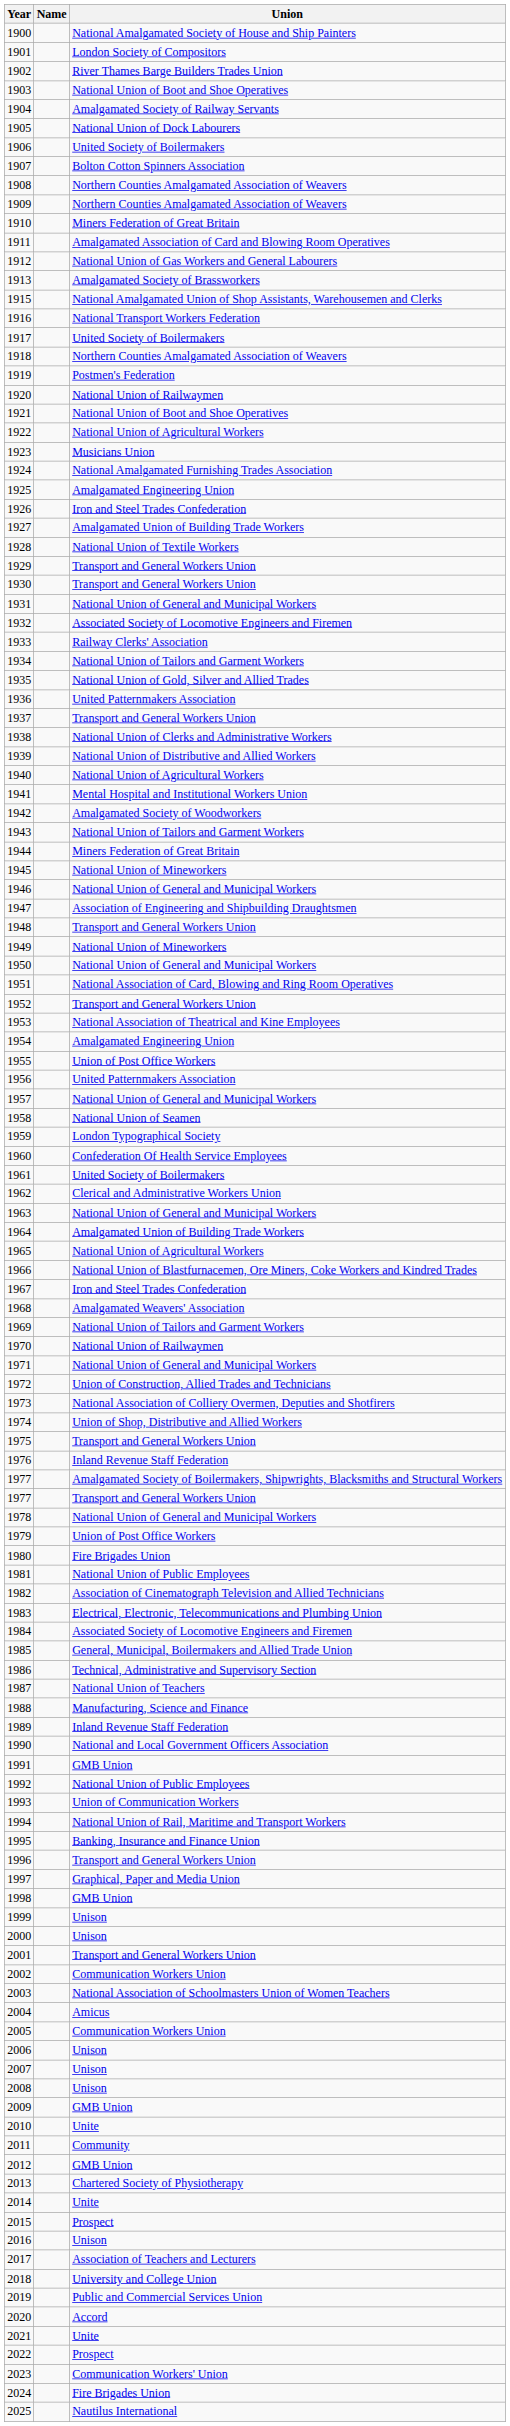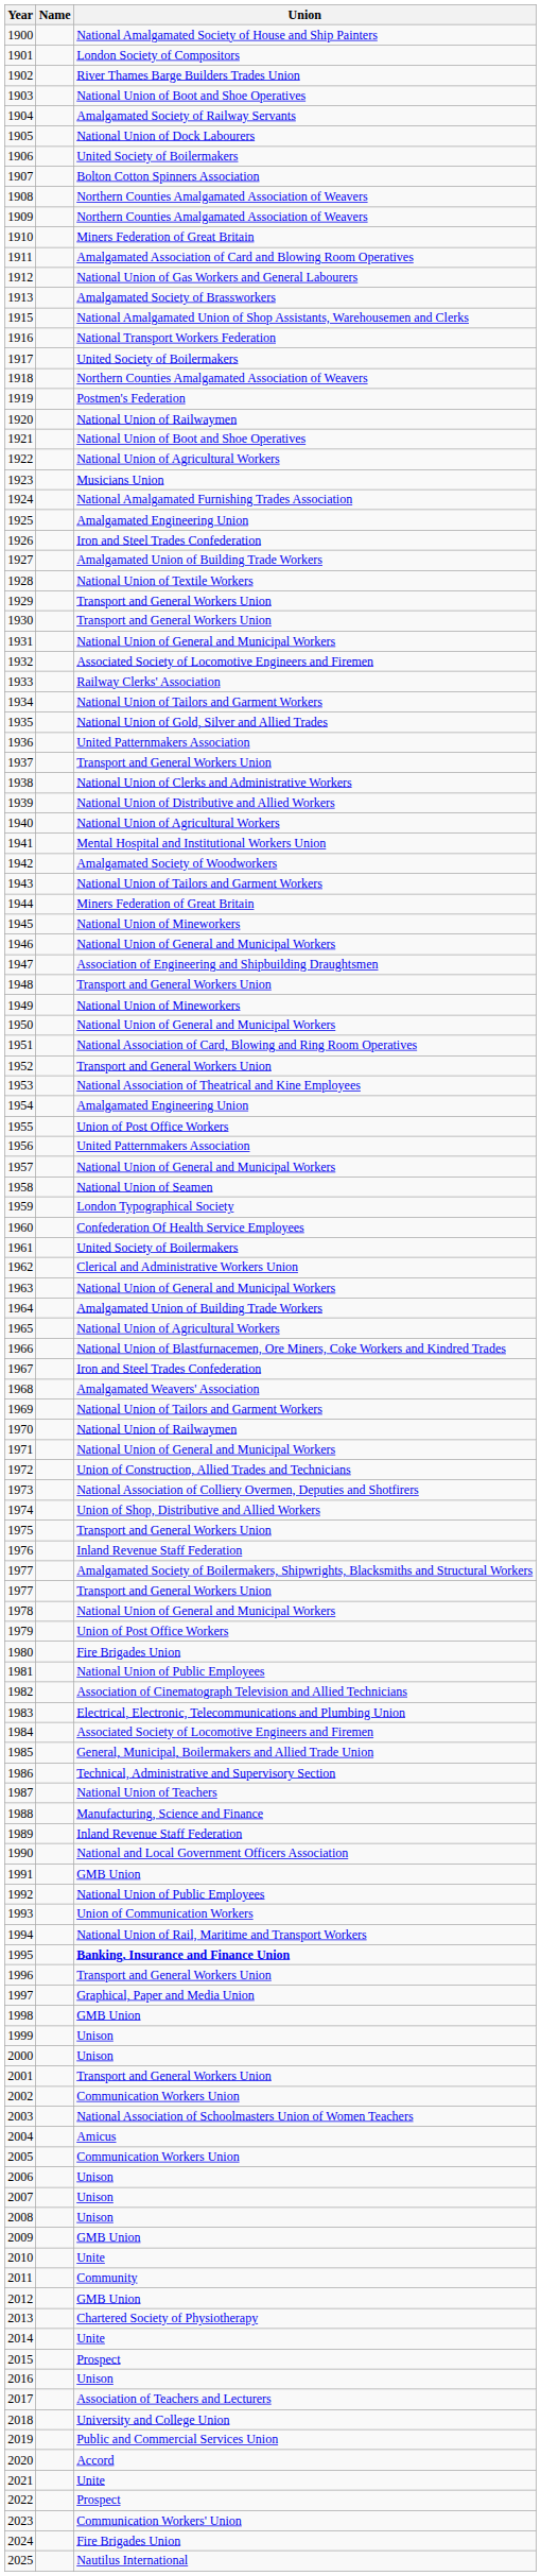 <table class="wikitable sortable">
 <tr>
 <th>Year</th>
 <th>Name</th>
 <th>Union</th>
 </tr>
 <tr>
 <td>1900</td>
 <td></td>
 <td><a href='#'>National Amalgamated Society of House and Ship Painters</a></td>
 </tr>
 <tr>
 <td>1901</td>
 <td></td>
 <td><a href='#'>London Society of Compositors</a></td>
 </tr>
 <tr>
 <td>1902</td>
 <td></td>
 <td><a href='#'>River Thames Barge Builders Trades Union</a></td>
 </tr>
 <tr>
 <td>1903</td>
 <td></td>
 <td><a href='#'>National Union of Boot and Shoe Operatives</a></td>
 </tr>
 <tr>
 <td>1904</td>
 <td></td>
 <td><a href='#'>Amalgamated Society of Railway Servants</a></td>
 </tr>
 <tr>
 <td>1905</td>
 <td></td>
 <td><a href='#'>National Union of Dock Labourers</a></td>
 </tr>
 <tr>
 <td>1906</td>
 <td></td>
 <td><a href='#'>United Society of Boilermakers</a></td>
 </tr>
 <tr>
 <td>1907</td>
 <td></td>
 <td><a href='#'>Bolton Cotton Spinners Association</a></td>
 </tr>
 <tr>
 <td>1908</td>
 <td></td>
 <td><a href='#'>Northern Counties Amalgamated Association of Weavers</a></td>
 </tr>
 <tr>
 <td>1909</td>
 <td></td>
 <td><a href='#'>Northern Counties Amalgamated Association of Weavers</a></td>
 </tr>
 <tr>
 <td>1910</td>
 <td></td>
 <td><a href='#'>Miners Federation of Great Britain</a></td>
 </tr>
 <tr>
 <td>1911</td>
 <td></td>
 <td><a href='#'>Amalgamated Association of Card and Blowing Room Operatives</a></td>
 </tr>
 <tr>
 <td>1912</td>
 <td></td>
 <td><a href='#'>National Union of Gas Workers and General Labourers</a></td>
 </tr>
 <tr>
 <td>1913</td>
 <td></td>
 <td><a href='#'>Amalgamated Society of Brassworkers</a></td>
 </tr>
 <tr>
 <td>1915</td>
 <td></td>
 <td><a href='#'>National Amalgamated Union of Shop Assistants, Warehousemen and Clerks</a></td>
 </tr>
 <tr>
 <td>1916</td>
 <td></td>
 <td><a href='#'>National Transport Workers Federation</a></td>
 </tr>
 <tr>
 <td>1917</td>
 <td></td>
 <td><a href='#'>United Society of Boilermakers</a></td>
 </tr>
 <tr>
 <td>1918</td>
 <td></td>
 <td><a href='#'>Northern Counties Amalgamated Association of Weavers</a></td>
 </tr>
 <tr>
 <td>1919</td>
 <td></td>
 <td><a href='#'>Postmen's Federation</a></td>
 </tr>
 <tr>
 <td>1920</td>
 <td></td>
 <td><a href='#'>National Union of Railwaymen</a></td>
 </tr>
 <tr>
 <td>1921</td>
 <td></td>
 <td><a href='#'>National Union of Boot and Shoe Operatives</a></td>
 </tr>
 <tr>
 <td>1922</td>
 <td></td>
 <td><a href='#'>National Union of Agricultural Workers</a></td>
 </tr>
 <tr>
 <td>1923</td>
 <td></td>
 <td><a href='#'>Musicians Union</a></td>
 </tr>
 <tr>
 <td>1924</td>
 <td></td>
 <td><a href='#'>National Amalgamated Furnishing Trades Association</a></td>
 </tr>
 <tr>
 <td>1925</td>
 <td></td>
 <td><a href='#'>Amalgamated Engineering Union</a></td>
 </tr>
 <tr>
 <td>1926</td>
 <td></td>
 <td><a href='#'>Iron and Steel Trades Confederation</a></td>
 </tr>
 <tr>
 <td>1927</td>
 <td></td>
 <td><a href='#'>Amalgamated Union of Building Trade Workers</a></td>
 </tr>
 <tr>
 <td>1928</td>
 <td></td>
 <td><a href='#'>National Union of Textile Workers</a></td>
 </tr>
 <tr>
 <td>1929</td>
 <td></td>
 <td><a href='#'>Transport and General Workers Union</a></td>
 </tr>
 <tr>
 <td>1930</td>
 <td></td>
 <td><a href='#'>Transport and General Workers Union</a></td>
 </tr>
 <tr>
 <td>1931</td>
 <td></td>
 <td><a href='#'>National Union of General and Municipal Workers</a></td>
 </tr>
 <tr>
 <td>1932</td>
 <td></td>
 <td><a href='#'>Associated Society of Locomotive Engineers and Firemen</a></td>
 </tr>
 <tr>
 <td>1933</td>
 <td></td>
 <td><a href='#'>Railway Clerks' Association</a></td>
 </tr>
 <tr>
 <td>1934</td>
 <td></td>
 <td><a href='#'>National Union of Tailors and Garment Workers</a></td>
 </tr>
 <tr>
 <td>1935</td>
 <td></td>
 <td><a href='#'>National Union of Gold, Silver and Allied Trades</a></td>
 </tr>
 <tr>
 <td>1936</td>
 <td></td>
 <td><a href='#'>United Patternmakers Association</a></td>
 </tr>
 <tr>
 <td>1937</td>
 <td></td>
 <td><a href='#'>Transport and General Workers Union</a></td>
 </tr>
 <tr>
 <td>1938</td>
 <td></td>
 <td><a href='#'>National Union of Clerks and Administrative Workers</a></td>
 </tr>
 <tr>
 <td>1939</td>
 <td></td>
 <td><a href='#'>National Union of Distributive and Allied Workers</a></td>
 </tr>
 <tr>
 <td>1940</td>
 <td></td>
 <td><a href='#'>National Union of Agricultural Workers</a></td>
 </tr>
 <tr>
 <td>1941</td>
 <td></td>
 <td><a href='#'>Mental Hospital and Institutional Workers Union</a></td>
 </tr>
 <tr>
 <td>1942</td>
 <td></td>
 <td><a href='#'>Amalgamated Society of Woodworkers</a></td>
 </tr>
 <tr>
 <td>1943</td>
 <td></td>
 <td><a href='#'>National Union of Tailors and Garment Workers</a></td>
 </tr>
 <tr>
 <td>1944</td>
 <td></td>
 <td><a href='#'>Miners Federation of Great Britain</a></td>
 </tr>
 <tr>
 <td>1945</td>
 <td></td>
 <td><a href='#'>National Union of Mineworkers</a></td>
 </tr>
 <tr>
 <td>1946</td>
 <td></td>
 <td><a href='#'>National Union of General and Municipal Workers</a></td>
 </tr>
 <tr>
 <td>1947</td>
 <td></td>
 <td><a href='#'>Association of Engineering and Shipbuilding Draughtsmen</a></td>
 </tr>
 <tr>
 <td>1948</td>
 <td></td>
 <td><a href='#'>Transport and General Workers Union</a></td>
 </tr>
 <tr>
 <td>1949</td>
 <td></td>
 <td><a href='#'>National Union of Mineworkers</a></td>
 </tr>
 <tr>
 <td>1950</td>
 <td></td>
 <td><a href='#'>National Union of General and Municipal Workers</a></td>
 </tr>
 <tr>
 <td>1951</td>
 <td></td>
 <td><a href='#'>National Association of Card, Blowing and Ring Room Operatives</a></td>
 </tr>
 <tr>
 <td>1952</td>
 <td></td>
 <td><a href='#'>Transport and General Workers Union</a></td>
 </tr>
 <tr>
 <td>1953</td>
 <td></td>
 <td><a href='#'>National Association of Theatrical and Kine Employees</a></td>
 </tr>
 <tr>
 <td>1954</td>
 <td></td>
 <td><a href='#'>Amalgamated Engineering Union</a></td>
 </tr>
 <tr>
 <td>1955</td>
 <td></td>
 <td><a href='#'>Union of Post Office Workers</a></td>
 </tr>
 <tr>
 <td>1956</td>
 <td></td>
 <td><a href='#'>United Patternmakers Association</a></td>
 </tr>
 <tr>
 <td>1957</td>
 <td></td>
 <td><a href='#'>National Union of General and Municipal Workers</a></td>
 </tr>
 <tr>
 <td>1958</td>
 <td></td>
 <td><a href='#'>National Union of Seamen</a></td>
 </tr>
 <tr>
 <td>1959</td>
 <td></td>
 <td><a href='#'>London Typographical Society</a></td>
 </tr>
 <tr>
 <td>1960</td>
 <td></td>
 <td><a href='#'>Confederation Of Health Service Employees</a></td>
 </tr>
 <tr>
 <td>1961</td>
 <td></td>
 <td><a href='#'>United Society of Boilermakers</a></td>
 </tr>
 <tr>
 <td>1962</td>
 <td></td>
 <td><a href='#'>Clerical and Administrative Workers Union</a></td>
 </tr>
 <tr>
 <td>1963</td>
 <td></td>
 <td><a href='#'>National Union of General and Municipal Workers</a></td>
 </tr>
 <tr>
 <td>1964</td>
 <td></td>
 <td><a href='#'>Amalgamated Union of Building Trade Workers</a></td>
 </tr>
 <tr>
 <td>1965</td>
 <td></td>
 <td><a href='#'>National Union of Agricultural Workers</a></td>
 </tr>
 <tr>
 <td>1966</td>
 <td></td>
 <td><a href='#'>National Union of Blastfurnacemen, Ore Miners, Coke Workers and Kindred Trades</a></td>
 </tr>
 <tr>
 <td>1967</td>
 <td></td>
 <td><a href='#'>Iron and Steel Trades Confederation</a></td>
 </tr>
 <tr>
 <td>1968</td>
 <td></td>
 <td><a href='#'>Amalgamated Weavers' Association</a></td>
 </tr>
 <tr>
 <td>1969</td>
 <td></td>
 <td><a href='#'>National Union of Tailors and Garment Workers</a></td>
 </tr>
 <tr>
 <td>1970</td>
 <td></td>
 <td><a href='#'>National Union of Railwaymen</a></td>
 </tr>
 <tr>
 <td>1971</td>
 <td></td>
 <td><a href='#'>National Union of General and Municipal Workers</a></td>
 </tr>
 <tr>
 <td>1972</td>
 <td></td>
 <td><a href='#'>Union of Construction, Allied Trades and Technicians</a></td>
 </tr>
 <tr>
 <td>1973</td>
 <td></td>
 <td><a href='#'>National Association of Colliery Overmen, Deputies and Shotfirers</a></td>
 </tr>
 <tr>
 <td>1974</td>
 <td></td>
 <td><a href='#'>Union of Shop, Distributive and Allied Workers</a></td>
 </tr>
 <tr>
 <td>1975</td>
 <td></td>
 <td><a href='#'>Transport and General Workers Union</a></td>
 </tr>
 <tr>
 <td>1976</td>
 <td></td>
 <td><a href='#'>Inland Revenue Staff Federation</a></td>
 </tr>
 <tr>
 <td>1977</td>
 <td></td>
 <td><a href='#'>Amalgamated Society of Boilermakers, Shipwrights, Blacksmiths and Structural Workers</a></td>
 </tr>
 <tr>
 <td>1977</td>
 <td></td>
 <td><a href='#'>Transport and General Workers Union</a></td>
 </tr>
 <tr>
 <td>1978</td>
 <td></td>
 <td><a href='#'>National Union of General and Municipal Workers</a></td>
 </tr>
 <tr>
 <td>1979</td>
 <td></td>
 <td><a href='#'>Union of Post Office Workers</a></td>
 </tr>
 <tr>
 <td>1980</td>
 <td></td>
 <td><a href='#'>Fire Brigades Union</a></td>
 </tr>
 <tr>
 <td>1981</td>
 <td></td>
 <td><a href='#'>National Union of Public Employees</a></td>
 </tr>
 <tr>
 <td>1982</td>
 <td></td>
 <td><a href='#'>Association of Cinematograph Television and Allied Technicians</a></td>
 </tr>
 <tr>
 <td>1983</td>
 <td></td>
 <td><a href='#'>Electrical, Electronic, Telecommunications and Plumbing Union</a></td>
 </tr>
 <tr>
 <td>1984</td>
 <td></td>
 <td><a href='#'>Associated Society of Locomotive Engineers and Firemen</a></td>
 </tr>
 <tr>
 <td>1985</td>
 <td></td>
 <td><a href='#'>General, Municipal, Boilermakers and Allied Trade Union</a></td>
 </tr>
 <tr>
 <td>1986</td>
 <td></td>
 <td><a href='#'>Technical, Administrative and Supervisory Section</a></td>
 </tr>
 <tr>
 <td>1987</td>
 <td></td>
 <td><a href='#'>National Union of Teachers</a></td>
 </tr>
 <tr>
 <td>1988</td>
 <td></td>
 <td><a href='#'>Manufacturing, Science and Finance</a></td>
 </tr>
 <tr>
 <td>1989</td>
 <td></td>
 <td><a href='#'>Inland Revenue Staff Federation</a></td>
 </tr>
 <tr>
 <td>1990</td>
 <td></td>
 <td><a href='#'>National and Local Government Officers Association</a></td>
 </tr>
 <tr>
 <td>1991</td>
 <td></td>
 <td><a href='#'>GMB Union</a></td>
 </tr>
 <tr>
 <td>1992</td>
 <td></td>
 <td><a href='#'>National Union of Public Employees</a></td>
 </tr>
 <tr>
 <td>1993</td>
 <td></td>
 <td><a href='#'>Union of Communication Workers</a></td>
 </tr>
 <tr>
 <td>1994</td>
 <td></td>
 <td><a href='#'>National Union of Rail, Maritime and Transport Workers</a></td>
 </tr>
 <tr>
 <td>1995</td>
 <td></td>
-<td><a href='#'>Banking, Insurance and Finance Union</a></td>
+<td><strong><a href='#'>Banking, Insurance and Finance Union</a></strong></td>
 </tr>
 <tr>
 <td>1996</td>
 <td></td>
 <td><a href='#'>Transport and General Workers Union</a></td>
 </tr>
 <tr>
 <td>1997</td>
 <td></td>
 <td><a href='#'>Graphical, Paper and Media Union</a></td>
 </tr>
 <tr>
 <td>1998</td>
 <td></td>
 <td><a href='#'>GMB Union</a></td>
 </tr>
 <tr>
 <td>1999</td>
 <td></td>
 <td><a href='#'>Unison</a></td>
 </tr>
 <tr>
 <td>2000</td>
 <td></td>
 <td><a href='#'>Unison</a></td>
 </tr>
 <tr>
 <td>2001</td>
 <td></td>
 <td><a href='#'>Transport and General Workers Union</a></td>
 </tr>
 <tr>
 <td>2002</td>
 <td></td>
 <td><a href='#'>Communication Workers Union</a></td>
 </tr>
 <tr>
 <td>2003</td>
 <td></td>
 <td><a href='#'>National Association of Schoolmasters Union of Women Teachers</a></td>
 </tr>
 <tr>
 <td>2004</td>
 <td></td>
 <td><a href='#'>Amicus</a></td>
 </tr>
 <tr>
 <td>2005</td>
 <td></td>
 <td><a href='#'>Communication Workers Union</a></td>
 </tr>
 <tr>
 <td>2006</td>
 <td></td>
 <td><a href='#'>Unison</a></td>
 </tr>
 <tr>
 <td>2007</td>
 <td></td>
 <td><a href='#'>Unison</a></td>
 </tr>
 <tr>
 <td>2008</td>
 <td></td>
 <td><a href='#'>Unison</a></td>
 </tr>
 <tr>
 <td>2009</td>
 <td></td>
 <td><a href='#'>GMB Union</a></td>
 </tr>
 <tr>
 <td>2010</td>
 <td></td>
 <td><a href='#'>Unite</a></td>
 </tr>
 <tr>
 <td>2011</td>
 <td></td>
 <td><a href='#'>Community</a></td>
 </tr>
 <tr>
 <td>2012</td>
 <td></td>
 <td><a href='#'>GMB Union</a></td>
 </tr>
 <tr>
 <td>2013</td>
 <td></td>
 <td><a href='#'>Chartered Society of Physiotherapy</a></td>
 </tr>
 <tr>
 <td>2014</td>
 <td></td>
 <td><a href='#'>Unite</a></td>
 </tr>
 <tr>
 <td>2015</td>
 <td></td>
 <td><a href='#'>Prospect</a></td>
 </tr>
 <tr>
 <td>2016</td>
 <td></td>
 <td><a href='#'>Unison</a></td>
 </tr>
 <tr>
 <td>2017</td>
 <td></td>
 <td><a href='#'>Association of Teachers and Lecturers</a></td>
 </tr>
 <tr>
 <td>2018</td>
 <td></td>
 <td><a href='#'>University and College Union</a></td>
 </tr>
 <tr>
 <td>2019</td>
 <td></td>
 <td><a href='#'>Public and Commercial Services Union</a></td>
 </tr>
 <tr>
 <td>2020</td>
 <td></td>
 <td><a href='#'>Accord</a></td>
 </tr>
 <tr>
 <td>2021</td>
 <td></td>
 <td><a href='#'>Unite</a></td>
 </tr>
 <tr>
 <td>2022</td>
 <td></td>
 <td><a href='#'>Prospect</a></td>
 </tr>
 <tr>
 <td>2023</td>
 <td></td>
 <td><a href='#'>Communication Workers' Union</a></td>
 </tr>
 <tr>
 <td>2024</td>
 <td></td>
 <td><a href='#'>Fire Brigades Union</a></td>
 </tr>
 <tr>
 <td>2025</td>
 <td></td>
 <td><a href='#'>Nautilus International</a></td>
 </tr>
 </table>
